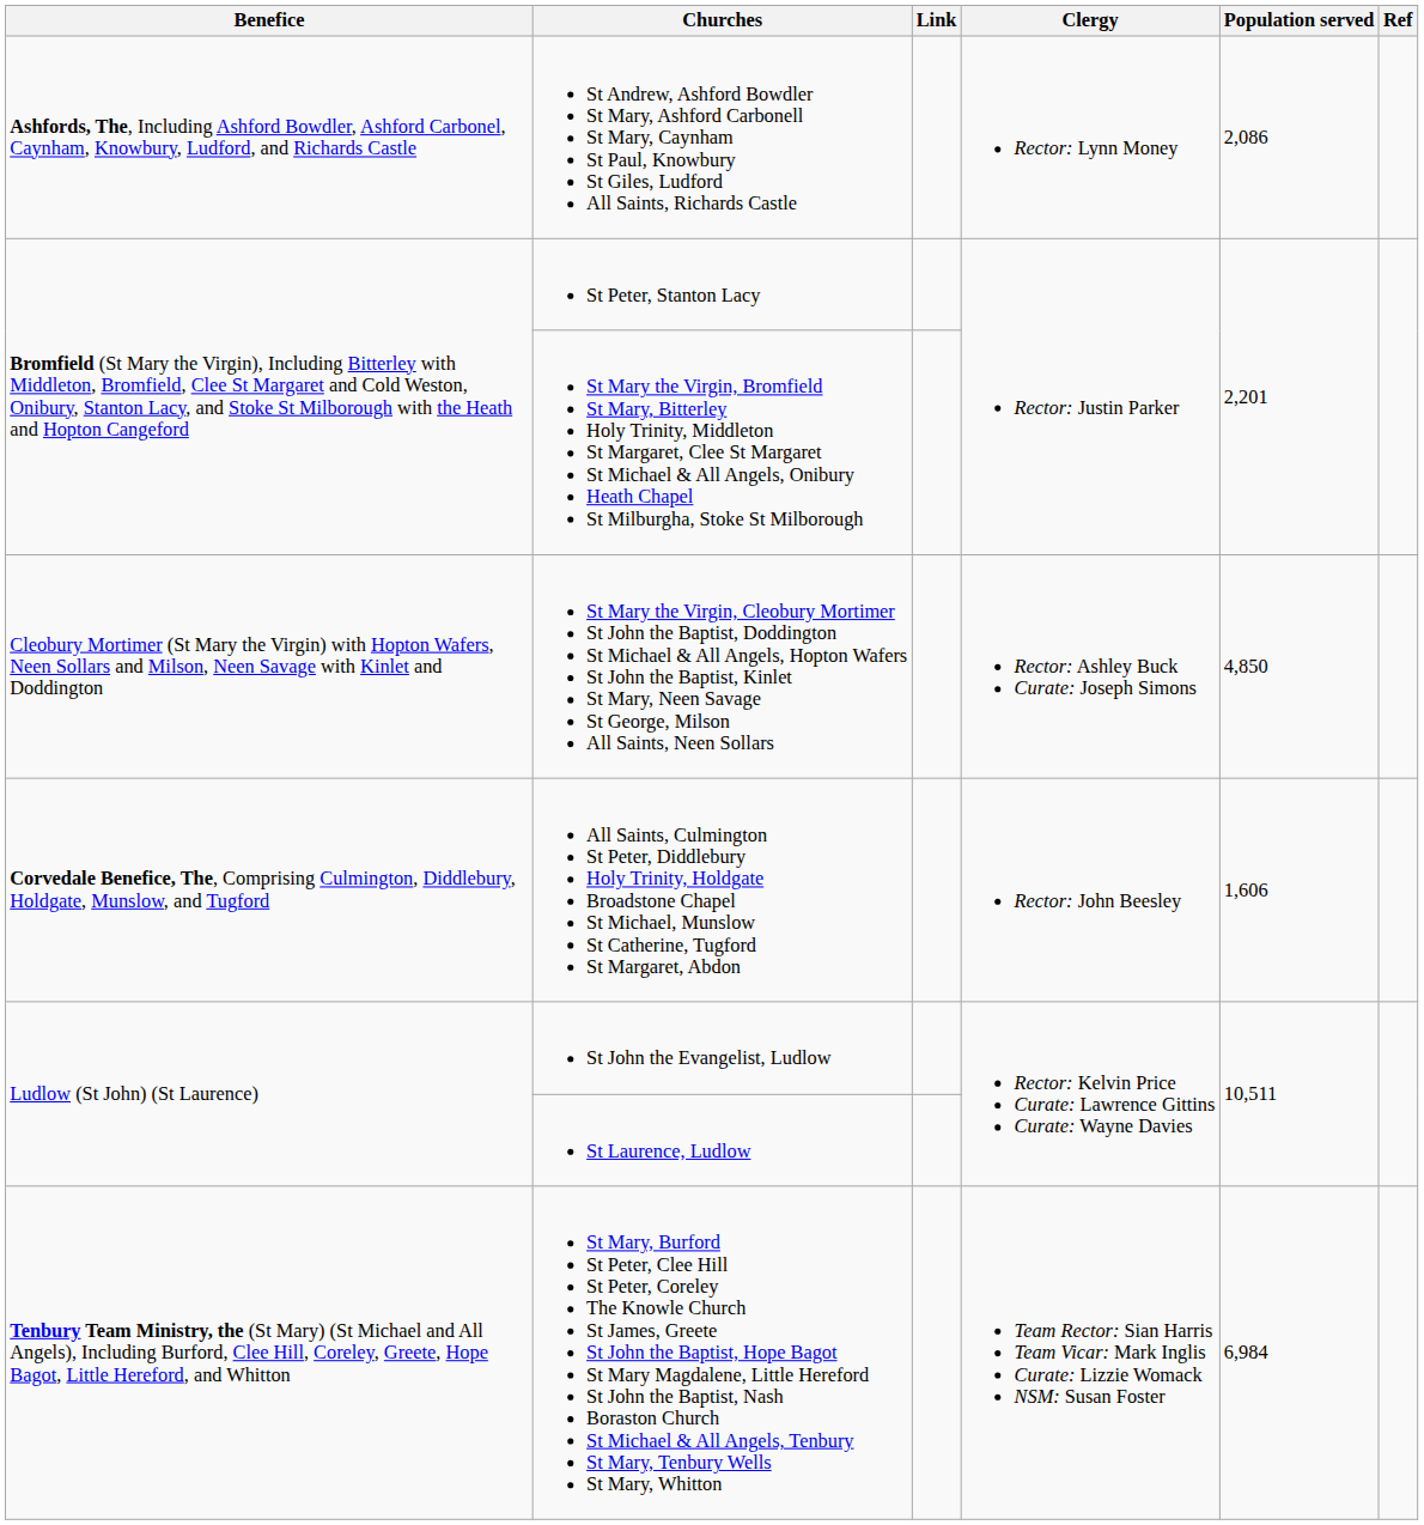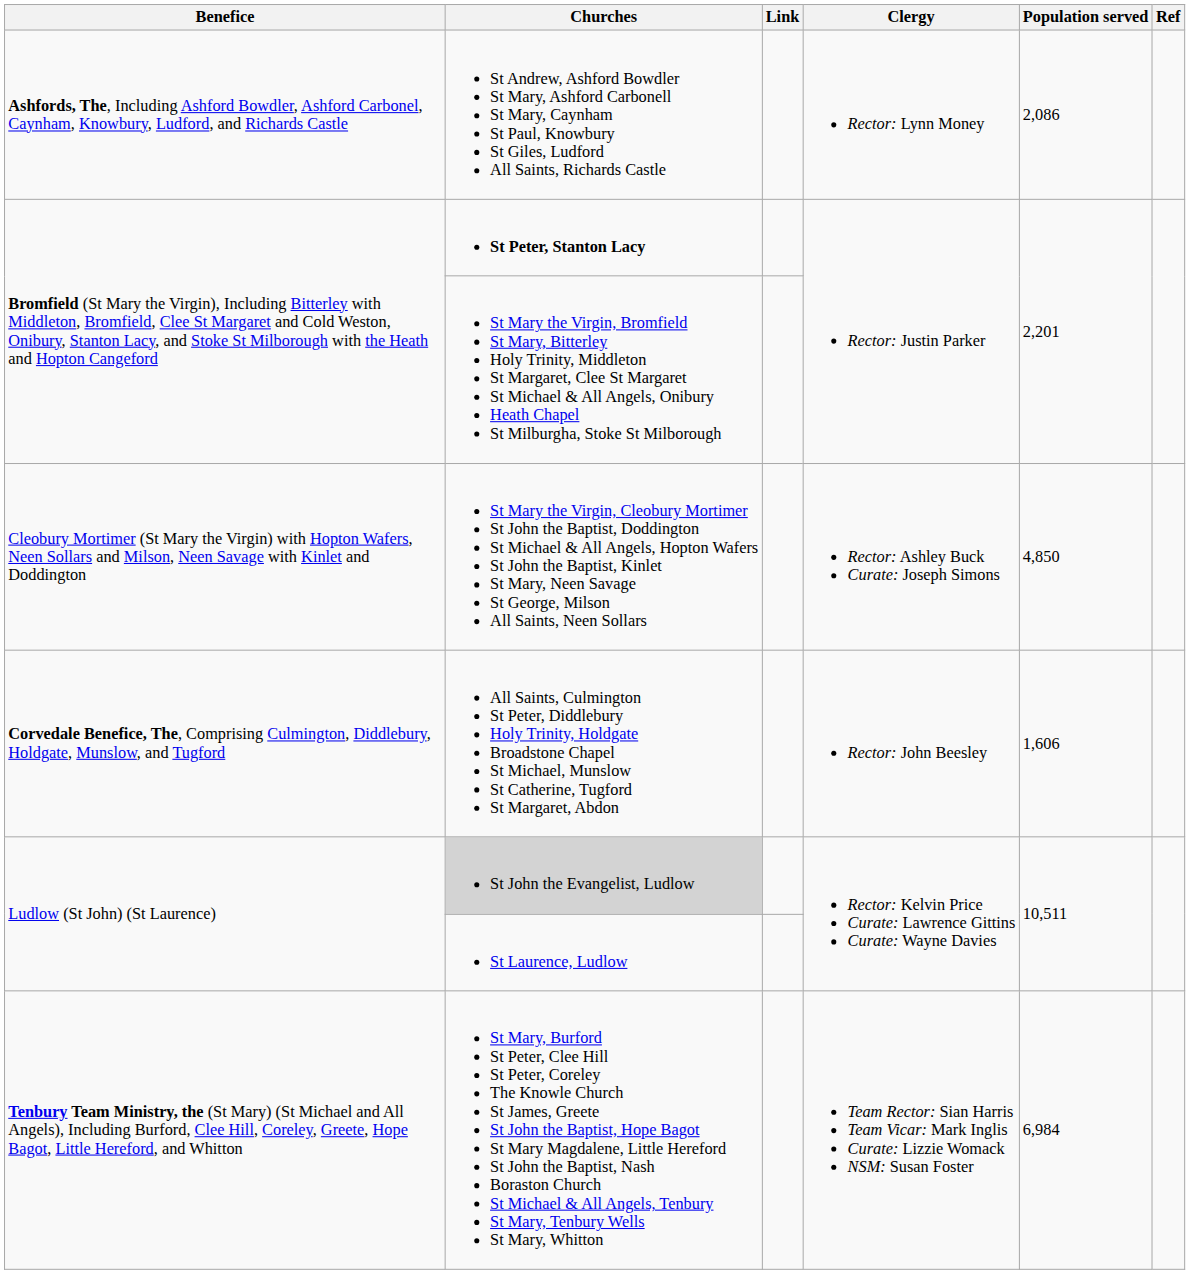 <table class="wikitable">
 <tr>
 <th width="425">Benefice</th>
 <th>Churches</th>
 <th>Link</th>
 <th>Clergy</th>
 <th>Population served</th>
 <th>Ref</th>
 </tr>
 <tr>
 <td><strong>Ashfords, The</strong>, Including <a href='#'>Ashford Bowdler</a>, <a href='#'>Ashford Carbonel</a>, <a href='#'>Caynham</a>, <a href='#'>Knowbury</a>, <a href='#'>Ludford</a>, and <a href='#'>Richards Castle</a></td>
 <td><br><ul><li>St Andrew, Ashford Bowdler</li><li>St Mary, Ashford Carbonell</li><li>St Mary, Caynham</li><li>St Paul, Knowbury</li><li>St Giles, Ludford</li><li>All Saints, Richards Castle</li></ul></td>
 <td></td>
 <td><br><ul><li><em>Rector:</em> Lynn Money</li></ul></td>
 <td>2,086</td>
 <td></td>
 </tr>
 <tr>
 <td rowspan="2"><strong>Bromfield</strong> (St Mary the Virgin), Including <a href='#'>Bitterley</a> with <a href='#'>Middleton</a>, <a href='#'>Bromfield</a>, <a href='#'>Clee St Margaret</a> and Cold Weston, <a href='#'>Onibury</a>, <a href='#'>Stanton Lacy</a>, and <a href='#'>Stoke St Milborough</a> with <a href='#'>the Heath</a> and <a href='#'>Hopton Cangeford</a></td>
-<td><br><ul><li>St Peter, Stanton Lacy</li></ul></td>
+<td><strong><br><ul><li>St Peter, Stanton Lacy</li></ul></strong></td>
 <td></td>
 <td rowspan="2"><br><ul><li><em>Rector:</em> Justin Parker</li></ul></td>
 <td rowspan="2">2,201</td>
 <td rowspan="2"></td>
 </tr>
 <tr>
 <td><br><ul><li><a href='#'>St Mary the Virgin, Bromfield</a></li><li><a href='#'>St Mary, Bitterley</a></li><li>Holy Trinity, Middleton</li><li>St Margaret, Clee St Margaret</li><li>St Michael & All Angels, Onibury</li><li><a href='#'>Heath Chapel</a></li><li>St Milburgha, Stoke St Milborough</li></ul></td>
 <td></td>
 </tr>
 <tr>
 <td><a href='#'>Cleobury Mortimer</a> (St Mary the Virgin) with <a href='#'>Hopton Wafers</a>, <a href='#'>Neen Sollars</a> and <a href='#'>Milson</a>, <a href='#'>Neen Savage</a> with <a href='#'>Kinlet</a> and Doddington</td>
 <td><br><ul><li><a href='#'>St Mary the Virgin, Cleobury Mortimer</a></li><li>St John the Baptist, Doddington</li><li>St Michael & All Angels, Hopton Wafers</li><li>St John the Baptist, Kinlet</li><li>St Mary, Neen Savage</li><li>St George, Milson</li><li>All Saints, Neen Sollars</li></ul></td>
 <td></td>
 <td><br><ul><li><em>Rector:</em> Ashley Buck</li><li><em>Curate:</em> Joseph Simons</li></ul></td>
 <td>4,850</td>
 <td></td>
 </tr>
 <tr>
 <td><strong>Corvedale Benefice, The</strong>, Comprising <a href='#'>Culmington</a>, <a href='#'>Diddlebury</a>, <a href='#'>Holdgate</a>, <a href='#'>Munslow</a>, and <a href='#'>Tugford</a></td>
 <td><br><ul><li>All Saints, Culmington</li><li>St Peter, Diddlebury</li><li><a href='#'>Holy Trinity, Holdgate</a></li><li>Broadstone Chapel</li><li>St Michael, Munslow</li><li>St Catherine, Tugford</li><li>St Margaret, Abdon</li></ul></td>
 <td></td>
 <td><br><ul><li><em>Rector:</em> John Beesley</li></ul></td>
 <td>1,606</td>
 <td></td>
 </tr>
 <tr>
 <td rowspan="2"><a href='#'>Ludlow</a> (St John) (St Laurence)</td>
-<td><br><ul><li>St John the Evangelist, Ludlow</li></ul></td>
+<td style="background: lightgrey;"><br><ul><li>St John the Evangelist, Ludlow</li></ul></td>
 <td></td>
 <td rowspan="2"><br><ul><li><em>Rector:</em> Kelvin Price</li><li><em>Curate:</em> Lawrence Gittins</li><li><em> Curate:</em> Wayne Davies</li></ul></td>
 <td rowspan="2">10,511</td>
 <td rowspan="2"></td>
 </tr>
 <tr>
 <td><br><ul><li><a href='#'>St Laurence, Ludlow</a></li></ul></td>
 <td></td>
 </tr>
 <tr>
 <td><strong><a href='#'>Tenbury</a> Team Ministry, the</strong> (St Mary) (St Michael and All Angels), Including Burford, <a href='#'>Clee Hill</a>, <a href='#'>Coreley</a>, <a href='#'>Greete</a>, <a href='#'>Hope Bagot</a>, <a href='#'>Little Hereford</a>, and Whitton</td>
 <td><br><ul><li><a href='#'>St Mary, Burford</a></li><li>St Peter, Clee Hill</li><li>St Peter, Coreley</li><li>The Knowle Church</li><li>St James, Greete</li><li><a href='#'>St John the Baptist, Hope Bagot</a></li><li>St Mary Magdalene, Little Hereford</li><li>St John the Baptist, Nash</li><li>Boraston Church</li><li><a href='#'>St Michael & All Angels, Tenbury</a></li><li><a href='#'>St Mary, Tenbury Wells</a></li><li>St Mary, Whitton </li></ul></td>
 <td></td>
 <td><br><ul><li><em>Team Rector:</em> Sian Harris</li><li><em>Team Vicar:</em> Mark Inglis</li><li><em>Curate:</em> Lizzie Womack</li><li><em>NSM:</em> Susan Foster</li></ul></td>
 <td>6,984</td>
 <td></td>
 </tr>
 </table>
